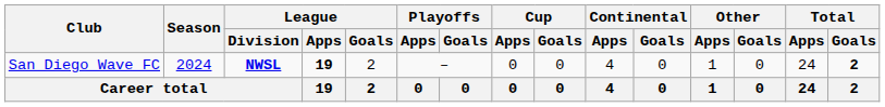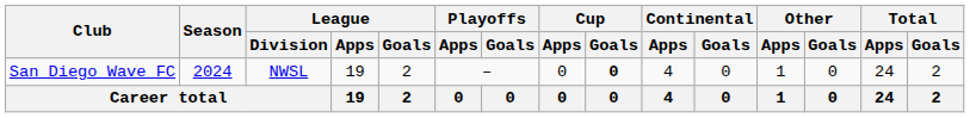 <table class="wikitable" style="text-align: center;">
 <tr>
 <th rowspan="2">Club</th>
 <th rowspan="2">Season</th>
 <th colspan="3">League</th>
 <th colspan="2">Playoffs</th>
 <th colspan="2">Cup</th>
 <th colspan="2">Continental</th>
 <th colspan="2">Other</th>
 <th colspan="2">Total</th>
 </tr>
 <tr>
 <th>Division</th>
 <th>Apps</th>
 <th>Goals</th>
 <th>Apps</th>
 <th>Goals</th>
 <th>Apps</th>
 <th>Goals</th>
 <th>Apps</th>
 <th>Goals</th>
 <th>Apps</th>
 <th>Goals</th>
 <th>Apps</th>
 <th>Goals</th>
 </tr>
 <tr>
 <td><a href='#'>San Diego Wave FC</a></td>
 <td><a href='#'>2024</a></td>
-<td><strong><a href='#'>NWSL</a></strong></td>
-<td><strong>19</strong></td>
+<td><a href='#'>NWSL</a></td>
+<td>19</td>
 <td>2</td>
 <td colspan="2">–</td>
 <td>0</td>
-<td>0</td>
+<td><strong>0</strong></td>
 <td>4</td>
 <td>0</td>
 <td>1</td>
 <td>0</td>
 <td>24</td>
-<td><strong>2</strong></td>
+<td>2</td>
 </tr>
 <tr>
 <th colspan="3">Career total</th>
 <th>19</th>
 <th>2</th>
 <th>0</th>
 <th>0</th>
 <th>0</th>
 <th>0</th>
 <th>4</th>
 <th>0</th>
 <th>1</th>
 <th>0</th>
 <th>24</th>
 <th>2</th>
 </tr>
 </table>
